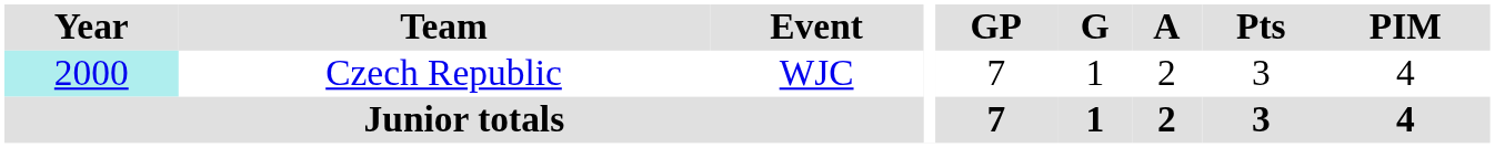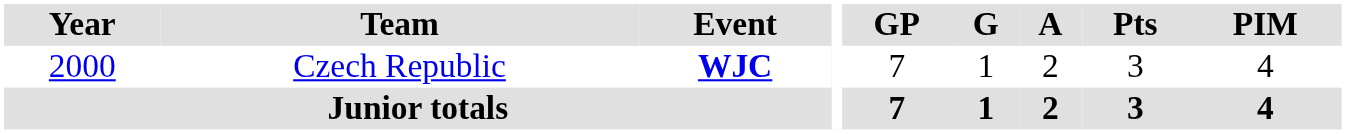 <table border="0" cellpadding="1" cellspacing="0" ID="Table3" style="text-align:center; width:40em">
 <tr bgcolor="#e0e0e0">
 <th>Year</th>
 <th>Team</th>
 <th>Event</th>
 <th rowspan="102" bgcolor="#ffffff"></th>
 <th>GP</th>
 <th>G</th>
 <th>A</th>
 <th>Pts</th>
 <th>PIM</th>
 </tr>
 <tr>
-<td style="background: paleturquoise;"><a href='#'>2000</a></td>
+<td><a href='#'>2000</a></td>
 <td><a href='#'>Czech Republic</a></td>
-<td><a href='#'>WJC</a></td>
+<td><strong><a href='#'>WJC</a></strong></td>
 <td>7</td>
 <td>1</td>
 <td>2</td>
 <td>3</td>
 <td>4</td>
 </tr>
 <tr bgcolor="#e0e0e0">
 <th colspan="3">Junior totals</th>
 <th>7</th>
 <th>1</th>
 <th>2</th>
 <th>3</th>
 <th>4</th>
 </tr>
 </table>
